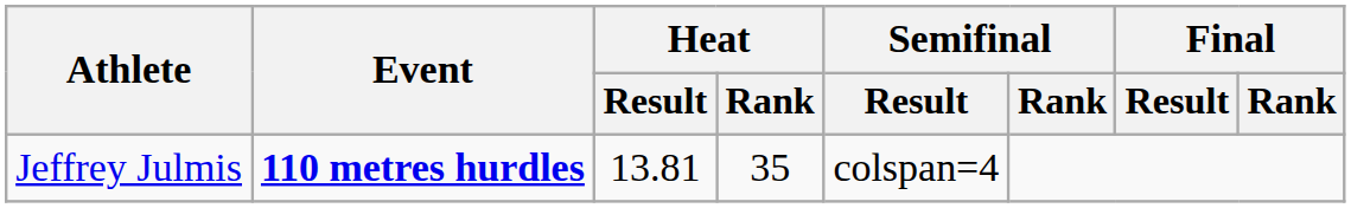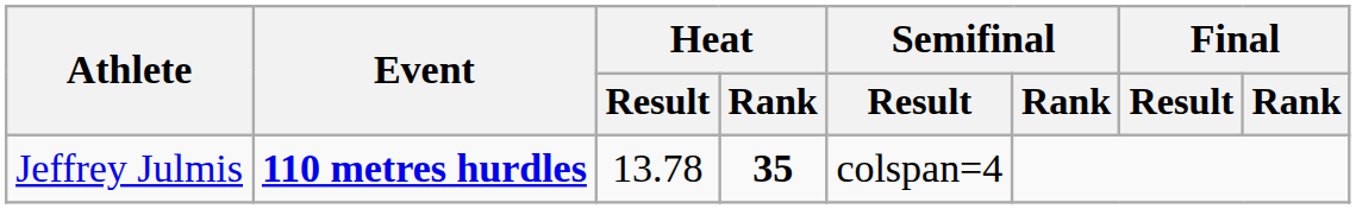 <table class=wikitable style=font-size:90%>
 <tr>
 <th rowspan=2>Athlete</th>
 <th rowspan=2>Event</th>
 <th colspan=2>Heat</th>
 <th colspan=2>Semifinal</th>
 <th colspan=2>Final</th>
 </tr>
 <tr style=font-size:95%>
 <th>Result</th>
 <th>Rank</th>
 <th>Result</th>
 <th>Rank</th>
 <th>Result</th>
 <th>Rank</th>
 </tr>
 <tr align=center>
 <td align=left><a href='#'>Jeffrey Julmis</a></td>
 <td align=left><strong><a href='#'>110 metres hurdles</a></strong></td>
-<td>13.81</td>
-<td>35</td>
+<td>13.78</td>
+<td><strong>35</strong></td>
 <td>colspan=4 </td>
 </tr>
 </table>
